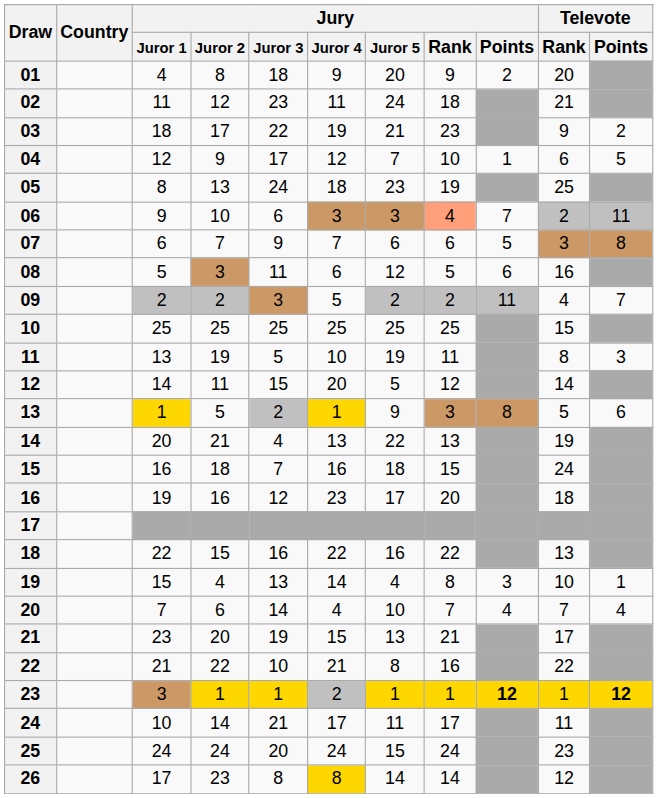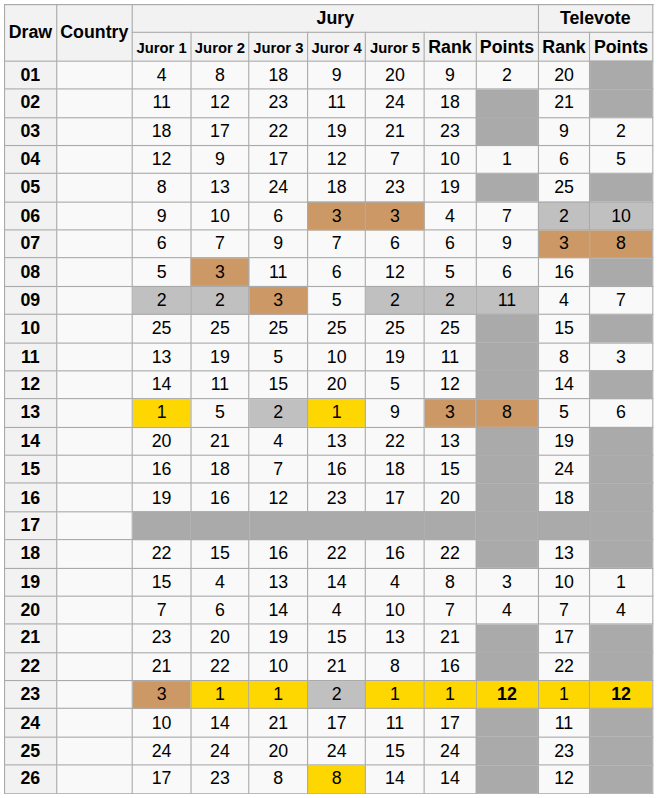 <table class="sortable wikitable collapsible plainrowheaders" style="text-align:center;">
 <tr>
 </tr>
 <tr>
 <th scope="col" rowspan="2">Draw</th>
 <th scope="col" rowspan="2">Country</th>
 <th scope="col" colspan="7">Jury</th>
 <th scope="col" colspan="2">Televote</th>
 </tr>
 <tr>
 <th scope="col"><small>Juror 1</small></th>
 <th scope="col"><small>Juror 2</small></th>
 <th scope="col"><small>Juror 3</small></th>
 <th scope="col"><small>Juror 4</small></th>
 <th scope="col"><small>Juror 5</small></th>
 <th scope="col">Rank</th>
 <th scope="col">Points</th>
 <th scope="col">Rank</th>
 <th scope="col">Points</th>
 </tr>
 <tr>
 <th scope="row" style="text-align:center;">01</th>
 <td style="text-align:left;"></td>
 <td>4</td>
 <td>8</td>
 <td>18</td>
 <td>9</td>
 <td>20</td>
 <td>9</td>
 <td>2</td>
 <td>20</td>
 <td style="background:#AAAAAA;"></td>
 </tr>
 <tr>
 <th scope="row" style="text-align:center;">02</th>
 <td style="text-align:left;"></td>
 <td>11</td>
 <td>12</td>
 <td>23</td>
 <td>11</td>
 <td>24</td>
 <td>18</td>
 <td style="background:#AAAAAA;"></td>
 <td>21</td>
 <td style="background:#AAAAAA;"></td>
 </tr>
 <tr>
 <th scope="row" style="text-align:center;">03</th>
 <td style="text-align:left;"></td>
 <td>18</td>
 <td>17</td>
 <td>22</td>
 <td>19</td>
 <td>21</td>
 <td>23</td>
 <td style="background:#AAAAAA;"></td>
 <td>9</td>
 <td>2</td>
 </tr>
 <tr>
 <th scope="row" style="text-align:center;">04</th>
 <td style="text-align:left;"></td>
 <td>12</td>
 <td>9</td>
 <td>17</td>
 <td>12</td>
 <td>7</td>
 <td>10</td>
 <td>1</td>
 <td>6</td>
 <td>5</td>
 </tr>
 <tr>
 <th scope="row" style="text-align:center;">05</th>
 <td style="text-align:left;"></td>
 <td>8</td>
 <td>13</td>
 <td>24</td>
 <td>18</td>
 <td>23</td>
 <td>19</td>
 <td style="background:#AAAAAA;"></td>
 <td>25</td>
 <td style="background:#AAAAAA;"></td>
 </tr>
 <tr>
 <th scope="row" style="text-align:center;">06</th>
 <td style="text-align:left;"></td>
 <td>9</td>
 <td>10</td>
 <td>6</td>
 <td style="background:#CC9966;">3</td>
 <td style="background:#CC9966;">3</td>
-<td style="background: lightsalmon;">4</td>
+<td>4</td>
 <td>7</td>
 <td style="background:silver;">2</td>
-<td style="background:silver;">11</td>
+<td style="background:silver;">10</td>
 </tr>
 <tr>
 <th scope="row" style="text-align:center;">07</th>
 <td style="text-align:left;"></td>
 <td>6</td>
 <td>7</td>
 <td>9</td>
 <td>7</td>
 <td>6</td>
 <td>6</td>
-<td>5</td>
+<td>9</td>
 <td style="background:#CC9966;">3</td>
 <td style="background:#CC9966;">8</td>
 </tr>
 <tr>
 <th scope="row" style="text-align:center;">08</th>
 <td style="text-align:left;"></td>
 <td>5</td>
 <td style="background:#CC9966;">3</td>
 <td>11</td>
 <td>6</td>
 <td>12</td>
 <td>5</td>
 <td>6</td>
 <td>16</td>
 <td style="background:#AAAAAA;"></td>
 </tr>
 <tr>
 <th scope="row" style="text-align:center;">09</th>
 <td style="text-align:left;"></td>
 <td style="background:silver;">2</td>
 <td style="background:silver;">2</td>
 <td style="background:#CC9966;">3</td>
 <td>5</td>
 <td style="background:silver;">2</td>
 <td style="background:silver;">2</td>
 <td style="background:silver;">11</td>
 <td>4</td>
 <td>7</td>
 </tr>
 <tr>
 <th scope="row" style="text-align:center;">10</th>
 <td style="text-align:left;"></td>
 <td>25</td>
 <td>25</td>
 <td>25</td>
 <td>25</td>
 <td>25</td>
 <td>25</td>
 <td style="background:#AAAAAA;"></td>
 <td>15</td>
 <td style="background:#AAAAAA;"></td>
 </tr>
 <tr>
 <th scope="row" style="text-align:center;">11</th>
 <td style="text-align:left;"></td>
 <td>13</td>
 <td>19</td>
 <td>5</td>
 <td>10</td>
 <td>19</td>
 <td>11</td>
 <td style="background:#AAAAAA;"></td>
 <td>8</td>
 <td>3</td>
 </tr>
 <tr>
 <th scope="row" style="text-align:center;">12</th>
 <td style="text-align:left;"></td>
 <td>14</td>
 <td>11</td>
 <td>15</td>
 <td>20</td>
 <td>5</td>
 <td>12</td>
 <td style="background:#AAAAAA;"></td>
 <td>14</td>
 <td style="background:#AAAAAA;"></td>
 </tr>
 <tr>
 <th scope="row" style="text-align:center;">13</th>
 <td style="text-align:left;"></td>
 <td style="background:gold;">1</td>
 <td>5</td>
 <td style="background:silver;">2</td>
 <td style="background:gold;">1</td>
 <td>9</td>
 <td style="background:#CC9966;">3</td>
 <td style="background:#CC9966;">8</td>
 <td>5</td>
 <td>6</td>
 </tr>
 <tr>
 <th scope="row" style="text-align:center;">14</th>
 <td style="text-align:left;"></td>
 <td>20</td>
 <td>21</td>
 <td>4</td>
 <td>13</td>
 <td>22</td>
 <td>13</td>
 <td style="background:#AAAAAA;"></td>
 <td>19</td>
 <td style="background:#AAAAAA;"></td>
 </tr>
 <tr>
 <th scope="row" style="text-align:center;">15</th>
 <td style="text-align:left;"></td>
 <td>16</td>
 <td>18</td>
 <td>7</td>
 <td>16</td>
 <td>18</td>
 <td>15</td>
 <td style="background:#AAAAAA;"></td>
 <td>24</td>
 <td style="background:#AAAAAA;"></td>
 </tr>
 <tr>
 <th scope="row" style="text-align:center;">16</th>
 <td style="text-align:left;"></td>
 <td>19</td>
 <td>16</td>
 <td>12</td>
 <td>23</td>
 <td>17</td>
 <td>20</td>
 <td style="background:#AAAAAA;"></td>
 <td>18</td>
 <td style="background:#AAAAAA;"></td>
 </tr>
 <tr class=sortbottom>
 <th scope="row" style="text-align:center;">17</th>
 <td style="text-align:left;"></td>
 <td style="background:#AAAAAA;"></td>
 <td style="background:#AAAAAA;"></td>
 <td style="background:#AAAAAA;"></td>
 <td style="background:#AAAAAA;"></td>
 <td style="background:#AAAAAA;"></td>
 <td style="background:#AAAAAA;"></td>
 <td style="background:#AAAAAA;"></td>
 <td style="background:#AAAAAA;"></td>
 <td style="background:#AAAAAA;"></td>
 </tr>
 <tr>
 <th scope="row" style="text-align:center;">18</th>
 <td style="text-align:left;"></td>
 <td>22</td>
 <td>15</td>
 <td>16</td>
 <td>22</td>
 <td>16</td>
 <td>22</td>
 <td style="background:#AAAAAA;"></td>
 <td>13</td>
 <td style="background:#AAAAAA;"></td>
 </tr>
 <tr>
 <th scope="row" style="text-align:center;">19</th>
 <td style="text-align:left;"></td>
 <td>15</td>
 <td>4</td>
 <td>13</td>
 <td>14</td>
 <td>4</td>
 <td>8</td>
 <td>3</td>
 <td>10</td>
 <td>1</td>
 </tr>
 <tr>
 <th scope="row" style="text-align:center;">20</th>
 <td style="text-align:left;"></td>
 <td>7</td>
 <td>6</td>
 <td>14</td>
 <td>4</td>
 <td>10</td>
 <td>7</td>
 <td>4</td>
 <td>7</td>
 <td>4</td>
 </tr>
 <tr>
 <th scope="row" style="text-align:center;">21</th>
 <td style="text-align:left;"></td>
 <td>23</td>
 <td>20</td>
 <td>19</td>
 <td>15</td>
 <td>13</td>
 <td>21</td>
 <td style="background:#AAAAAA;"></td>
 <td>17</td>
 <td style="background:#AAAAAA;"></td>
 </tr>
 <tr>
 <th scope="row" style="text-align:center;">22</th>
 <td style="text-align:left;"></td>
 <td>21</td>
 <td>22</td>
 <td>10</td>
 <td>21</td>
 <td>8</td>
 <td>16</td>
 <td style="background:#AAAAAA;"></td>
 <td>22</td>
 <td style="background:#AAAAAA;"></td>
 </tr>
 <tr>
 <th scope="row" style="text-align:center;">23</th>
 <td style="text-align:left;"></td>
 <td style="background:#CC9966;">3</td>
 <td style="background:gold;">1</td>
 <td style="background:gold;">1</td>
 <td style="background:silver;">2</td>
 <td style="background:gold;">1</td>
 <td style="background:gold;">1</td>
 <td style="background:gold;"><strong>12</strong></td>
 <td style="background:gold;">1</td>
 <td style="background:gold;"><strong>12</strong></td>
 </tr>
 <tr>
 <th scope="row" style="text-align:center;">24</th>
 <td style="text-align:left;"></td>
 <td>10</td>
 <td>14</td>
 <td>21</td>
 <td>17</td>
 <td>11</td>
 <td>17</td>
 <td style="background:#AAAAAA;"></td>
 <td>11</td>
 <td style="background:#AAAAAA;"></td>
 </tr>
 <tr>
 <th scope="row" style="text-align:center;">25</th>
 <td style="text-align:left;"></td>
 <td>24</td>
 <td>24</td>
 <td>20</td>
 <td>24</td>
 <td>15</td>
 <td>24</td>
 <td style="background:#AAAAAA;"></td>
 <td>23</td>
 <td style="background:#AAAAAA;"></td>
 </tr>
 <tr>
 <th scope="row" style="text-align:center;">26</th>
 <td style="text-align:left;"></td>
 <td>17</td>
 <td>23</td>
 <td>8</td>
 <td style="background: gold;">8</td>
 <td>14</td>
 <td>14</td>
 <td style="background:#AAAAAA;"></td>
 <td>12</td>
 <td style="background:#AAAAAA;"></td>
 </tr>
 </table>
